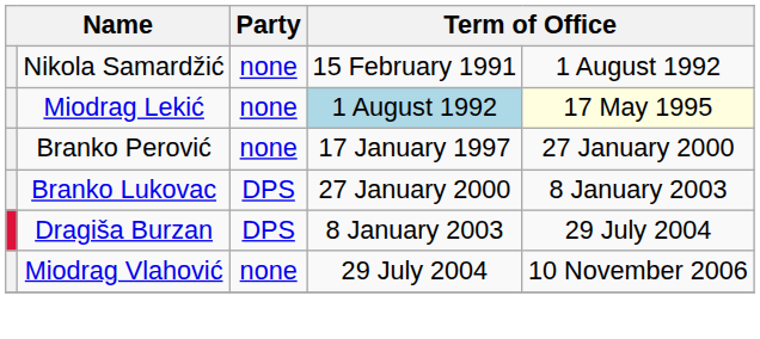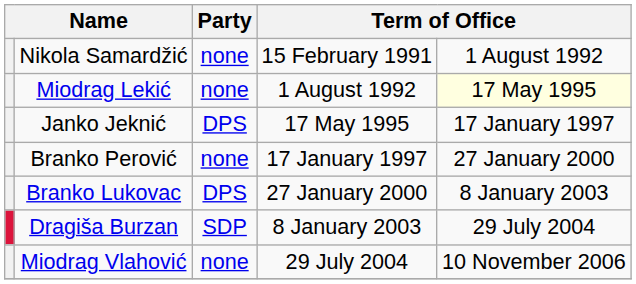 <table class="wikitable" style="text-align:center;">
 <tr>
 <th colspan=2>Name<br></th>
 <th>Party</th>
 <th colspan=2>Term of Office</th>
 </tr>
 <tr>
 <th style="background:"></th>
 <td>Nikola Samardžić<br></td>
 <td><a href='#'>none</a></td>
 <td>15 February 1991</td>
 <td>1 August 1992</td>
 </tr>
 <tr>
 <th style="background:"></th>
 <td><a href='#'>Miodrag Lekić</a><br></td>
 <td><a href='#'>none</a></td>
-<td style="background: lightblue;">1 August 1992</td>
+<td>1 August 1992</td>
 <td style="background: lightyellow;">17 May 1995</td>
+</tr>
+<tr>
+<th style="background:"></th>
+<td>Janko Jeknić<br></td>
+<td><a href='#'>DPS</a></td>
+<td>17 May 1995</td>
+<td>17 January 1997</td>
 </tr>
 <tr>
 <th style="background:"></th>
 <td>Branko Perović<br></td>
 <td><a href='#'>none</a></td>
 <td>17 January 1997</td>
 <td>27 January 2000</td>
 </tr>
 <tr>
 <th style="background:"></th>
 <td><a href='#'>Branko Lukovac</a><br></td>
 <td><a href='#'>DPS</a></td>
 <td>27 January 2000</td>
 <td>8 January 2003</td>
 </tr>
 <tr>
 <th style="background:#DC143C;"></th>
 <td><a href='#'>Dragiša Burzan</a><br></td>
-<td><a href='#'>DPS</a></td>
+<td><a href='#'>SDP</a></td>
 <td>8 January 2003</td>
 <td>29 July 2004</td>
 </tr>
 <tr>
 <th style="background:"></th>
 <td><a href='#'>Miodrag Vlahović</a><br></td>
 <td><a href='#'>none</a></td>
 <td>29 July 2004</td>
 <td>10 November 2006</td>
 </tr>
 <tr>
 </tr>
 </table>
